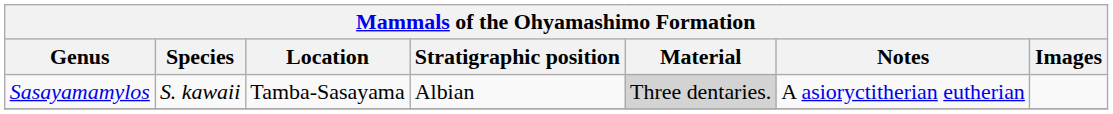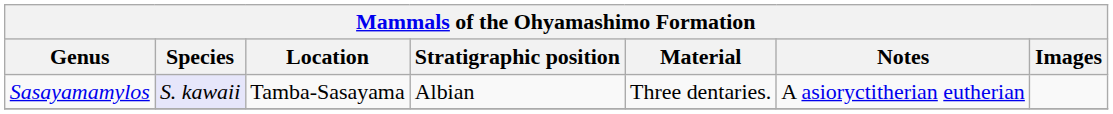 <table class="wikitable" align="center">
 <tr>
 <th colspan="7" align="center"><a href='#'>Mammals</a> of the Ohyamashimo Formation</th>
 </tr>
 <tr>
 <th>Genus</th>
 <th>Species</th>
 <th>Location</th>
 <th>Stratigraphic position</th>
 <th>Material</th>
 <th>Notes</th>
 <th>Images</th>
 </tr>
 <tr>
 <td><em><a href='#'>Sasayamamylos</a></em></td>
-<td><em>S. kawaii</em></td>
+<td style="background: lavender;"><em>S. kawaii</em></td>
 <td>Tamba-Sasayama</td>
 <td>Albian</td>
-<td style="background: lightgrey;">Three dentaries.</td>
+<td>Three dentaries.</td>
 <td>A <a href='#'>asioryctitherian</a> <a href='#'>eutherian</a></td>
 <td></td>
 </tr>
 <tr>
 </tr>
 </table>
